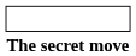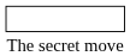 <table style="margin:1em;">
 <tr>
 <td style="border: solid thin; padding: 2px;"><br></td>
 </tr>
 <tr>
-<td style="text-align:center"><strong>The secret move</strong></td>
+<td style="text-align:center">The secret move</td>
 </tr>
 </table>
